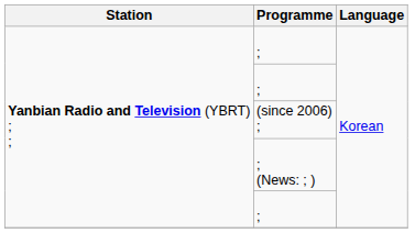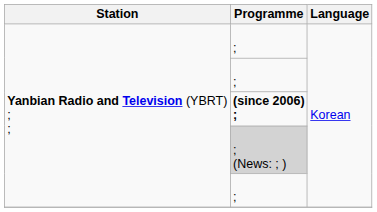 <table border="1" class="wikitable">
 <tr>
 <th>Station</th>
 <th>Programme</th>
 <th>Language</th>
 </tr>
 <tr>
 <td rowspan="5"><strong>Yanbian Radio and <a href='#'>Television</a></strong> (YBRT)<br> ; <em></em><br> ; <em></em></td>
 <td><br> ; <em></em></td>
 <td rowspan="5"><a href='#'>Korean</a></td>
 </tr>
 <tr>
 <td><br> ; <em></em></td>
 </tr>
 <tr>
-<td> (since 2006)<br> ; <em></em></td>
+<td><strong> (since 2006)<br> ; <em></em></strong></td>
 </tr>
 <tr>
-<td><br> ; <em></em><br>(News:  ; <em></em>)</td>
+<td style="background: lightgrey;"><br> ; <em></em><br>(News:  ; <em></em>)</td>
 </tr>
 <tr>
 <td><br> ; <em></em></td>
 </tr>
 <tr>
 </tr>
 </table>
